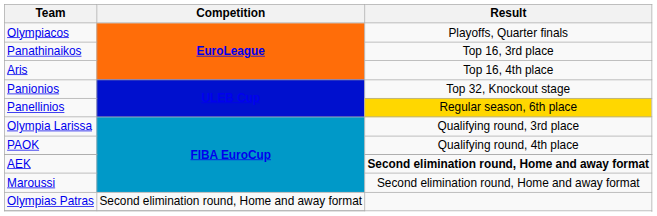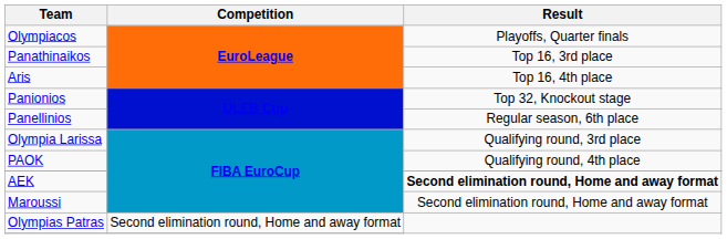 <table class="wikitable sortable">
 <tr>
 <th>Team</th>
 <th>Competition</th>
 <th>Result</th>
 </tr>
 <tr>
 <td><a href='#'>Olympiacos</a></td>
 <td rowspan="3" style="background:#ff6d09;color:#ffffff;text-align:center"><strong><a href='#'><span>EuroLeague</span></a></strong></td>
 <td style="text-align:center">Playoffs, Quarter finals</td>
 </tr>
 <tr>
 <td><a href='#'>Panathinaikos</a></td>
 <td style="text-align:center">Top 16, 3rd place</td>
 </tr>
 <tr>
 <td><a href='#'>Aris</a></td>
 <td style="text-align:center">Top 16, 4th place</td>
 </tr>
 <tr>
 <td><a href='#'>Panionios</a></td>
 <td rowspan="2" style="background-color:#0010CE;color:white;text-align:center"><strong><a href='#'><span>ULEB Cup </span></a></strong></td>
 <td style="text-align:center">Top 32, Knockout stage</td>
 </tr>
 <tr>
 <td><a href='#'>Panellinios</a></td>
-<td style="background: gold; text-align:center">Regular season, 6th place</td>
+<td style="text-align:center">Regular season, 6th place</td>
 </tr>
 <tr>
 <td><a href='#'>Olympia Larissa</a></td>
 <td rowspan="5" style="background-color:#0099C8;color:white;text-align:center"><strong><a href='#'><span>FIBA EuroCup</span></a></strong></td>
 <td style="text-align:center">Qualifying round, 3rd place</td>
 </tr>
 <tr>
 <td><a href='#'>PAOK</a></td>
 <td style="text-align:center">Qualifying round, 4th place</td>
 </tr>
 <tr>
 </tr>
 <tr>
 <td><a href='#'>AEK</a></td>
 <td style="text-align:center"><strong>Second elimination round, Home and away format</strong></td>
 </tr>
 <tr>
 <td><a href='#'>Maroussi</a></td>
 <td style="text-align:center">Second elimination round, Home and away format</td>
 </tr>
 <tr>
 <td><a href='#'>Olympias Patras</a></td>
 <td style="text-align:center">Second elimination round, Home and away format</td>
 </tr>
 <tr>
 </tr>
 </table>
